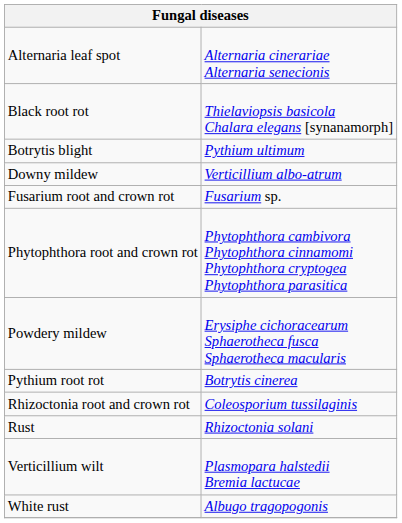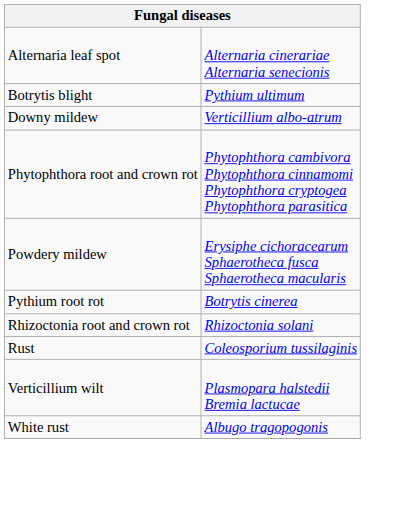 <table class="wikitable" style="clear">
 <tr>
 <th colspan=2><strong>Fungal diseases</strong><br></th>
 </tr>
 <tr>
 <td>Alternaria leaf spot</td>
 <td><br><em><a href='#'>Alternaria cinerariae</a></em><br> <em><a href='#'>Alternaria senecionis</a></em></td>
 </tr>
 <tr>
-<td>Black root rot</td>
-<td><br><em><a href='#'>Thielaviopsis basicola</a></em><br> <em><a href='#'>Chalara elegans</a></em> [synanamorph]</td>
-</tr>
-<tr>
 <td>Botrytis blight</td>
 <td><em><a href='#'>Pythium ultimum</a></em></td>
 </tr>
 <tr>
 <td>Downy mildew</td>
 <td><em><a href='#'>Verticillium albo-atrum</a></em></td>
-</tr>
-<tr>
-<td>Fusarium root and crown rot</td>
-<td><em><a href='#'>Fusarium</a></em> sp.</td>
 </tr>
 <tr>
 <td>Phytophthora root and crown rot</td>
 <td><br><em><a href='#'>Phytophthora cambivora</a></em><br> <em><a href='#'>Phytophthora cinnamomi</a></em><br> <em><a href='#'>Phytophthora cryptogea</a></em><br> <em><a href='#'>Phytophthora parasitica</a></em></td>
 </tr>
 <tr>
 <td>Powdery mildew</td>
 <td><br><em><a href='#'>Erysiphe cichoracearum</a></em><br> <em><a href='#'>Sphaerotheca fusca</a></em><br> <em><a href='#'>Sphaerotheca macularis</a></em></td>
 </tr>
 <tr>
 <td>Pythium root rot</td>
 <td><em><a href='#'>Botrytis cinerea</a></em><br></td>
 </tr>
 <tr>
 <td>Rhizoctonia root and crown rot</td>
-<td><em><a href='#'>Coleosporium tussilaginis</a></em></td>
+<td><em><a href='#'>Rhizoctonia solani</a></em></td>
 </tr>
 <tr>
 <td>Rust</td>
-<td><em><a href='#'>Rhizoctonia solani</a></em></td>
+<td><em><a href='#'>Coleosporium tussilaginis</a></em></td>
 </tr>
 <tr>
 <td>Verticillium wilt</td>
 <td><br><em><a href='#'>Plasmopara halstedii</a></em><br> <em><a href='#'>Bremia lactucae</a></em></td>
 </tr>
 <tr>
 <td>White rust</td>
 <td><em><a href='#'>Albugo tragopogonis</a></em></td>
 </tr>
 <tr>
 </tr>
 </table>
